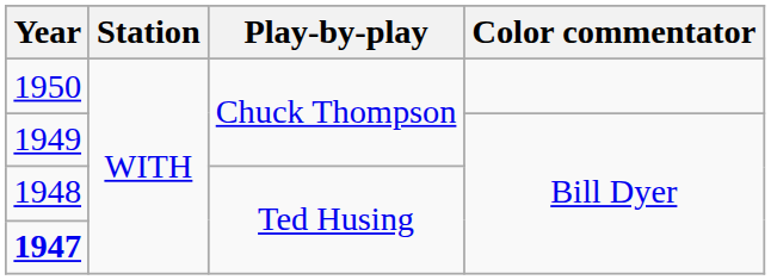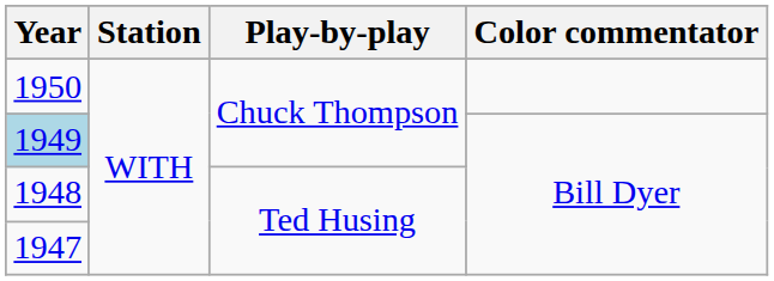 <table class="wikitable" style="text-align: center;">
 <tr>
 <th scope="col">Year</th>
 <th scope="col">Station</th>
 <th scope="col">Play-by-play</th>
 <th scope="col">Color commentator</th>
 </tr>
 <tr>
 <td><a href='#'>1950</a></td>
 <td rowspan=4><a href='#'>WITH</a></td>
 <td rowspan=2><a href='#'>Chuck Thompson</a></td>
 <td></td>
 </tr>
 <tr>
-<td><a href='#'>1949</a></td>
+<td style="background: lightblue;"><a href='#'>1949</a></td>
 <td rowspan=3><a href='#'>Bill Dyer</a></td>
 </tr>
 <tr>
 <td><a href='#'>1948</a></td>
 <td rowspan=2><a href='#'>Ted Husing</a></td>
 </tr>
 <tr>
-<td><strong><a href='#'>1947</a></strong></td>
+<td><a href='#'>1947</a></td>
 </tr>
 </table>
